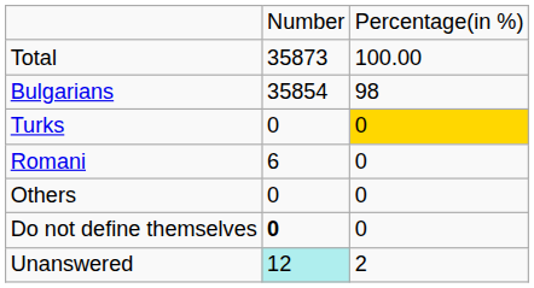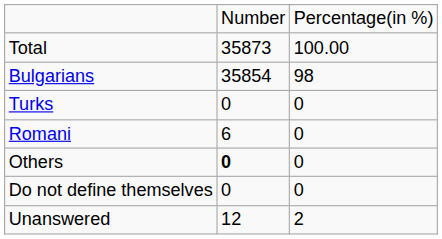 <table class="wikitable">
 <tr>
 <td></td>
 <td>Number</td>
 <td>Percentage(in %)</td>
 </tr>
 <tr>
 <td>Total</td>
 <td>35873</td>
 <td>100.00</td>
 </tr>
 <tr>
 <td><a href='#'>Bulgarians</a></td>
 <td>35854</td>
 <td>98</td>
 </tr>
 <tr>
 <td><a href='#'>Turks</a></td>
 <td>0</td>
-<td style="background: gold;">0</td>
+<td>0</td>
 </tr>
 <tr>
 <td><a href='#'>Romani</a></td>
 <td>6</td>
 <td>0</td>
 </tr>
 <tr>
 <td>Others</td>
+<td><strong>0</strong></td>
+<td>0</td>
+</tr>
+<tr>
+<td>Do not define themselves</td>
 <td>0</td>
 <td>0</td>
 </tr>
 <tr>
-<td>Do not define themselves</td>
-<td><strong>0</strong></td>
-<td>0</td>
-</tr>
-<tr>
 <td>Unanswered</td>
-<td style="background: paleturquoise;">12</td>
+<td>12</td>
 <td>2</td>
 </tr>
 </table>
